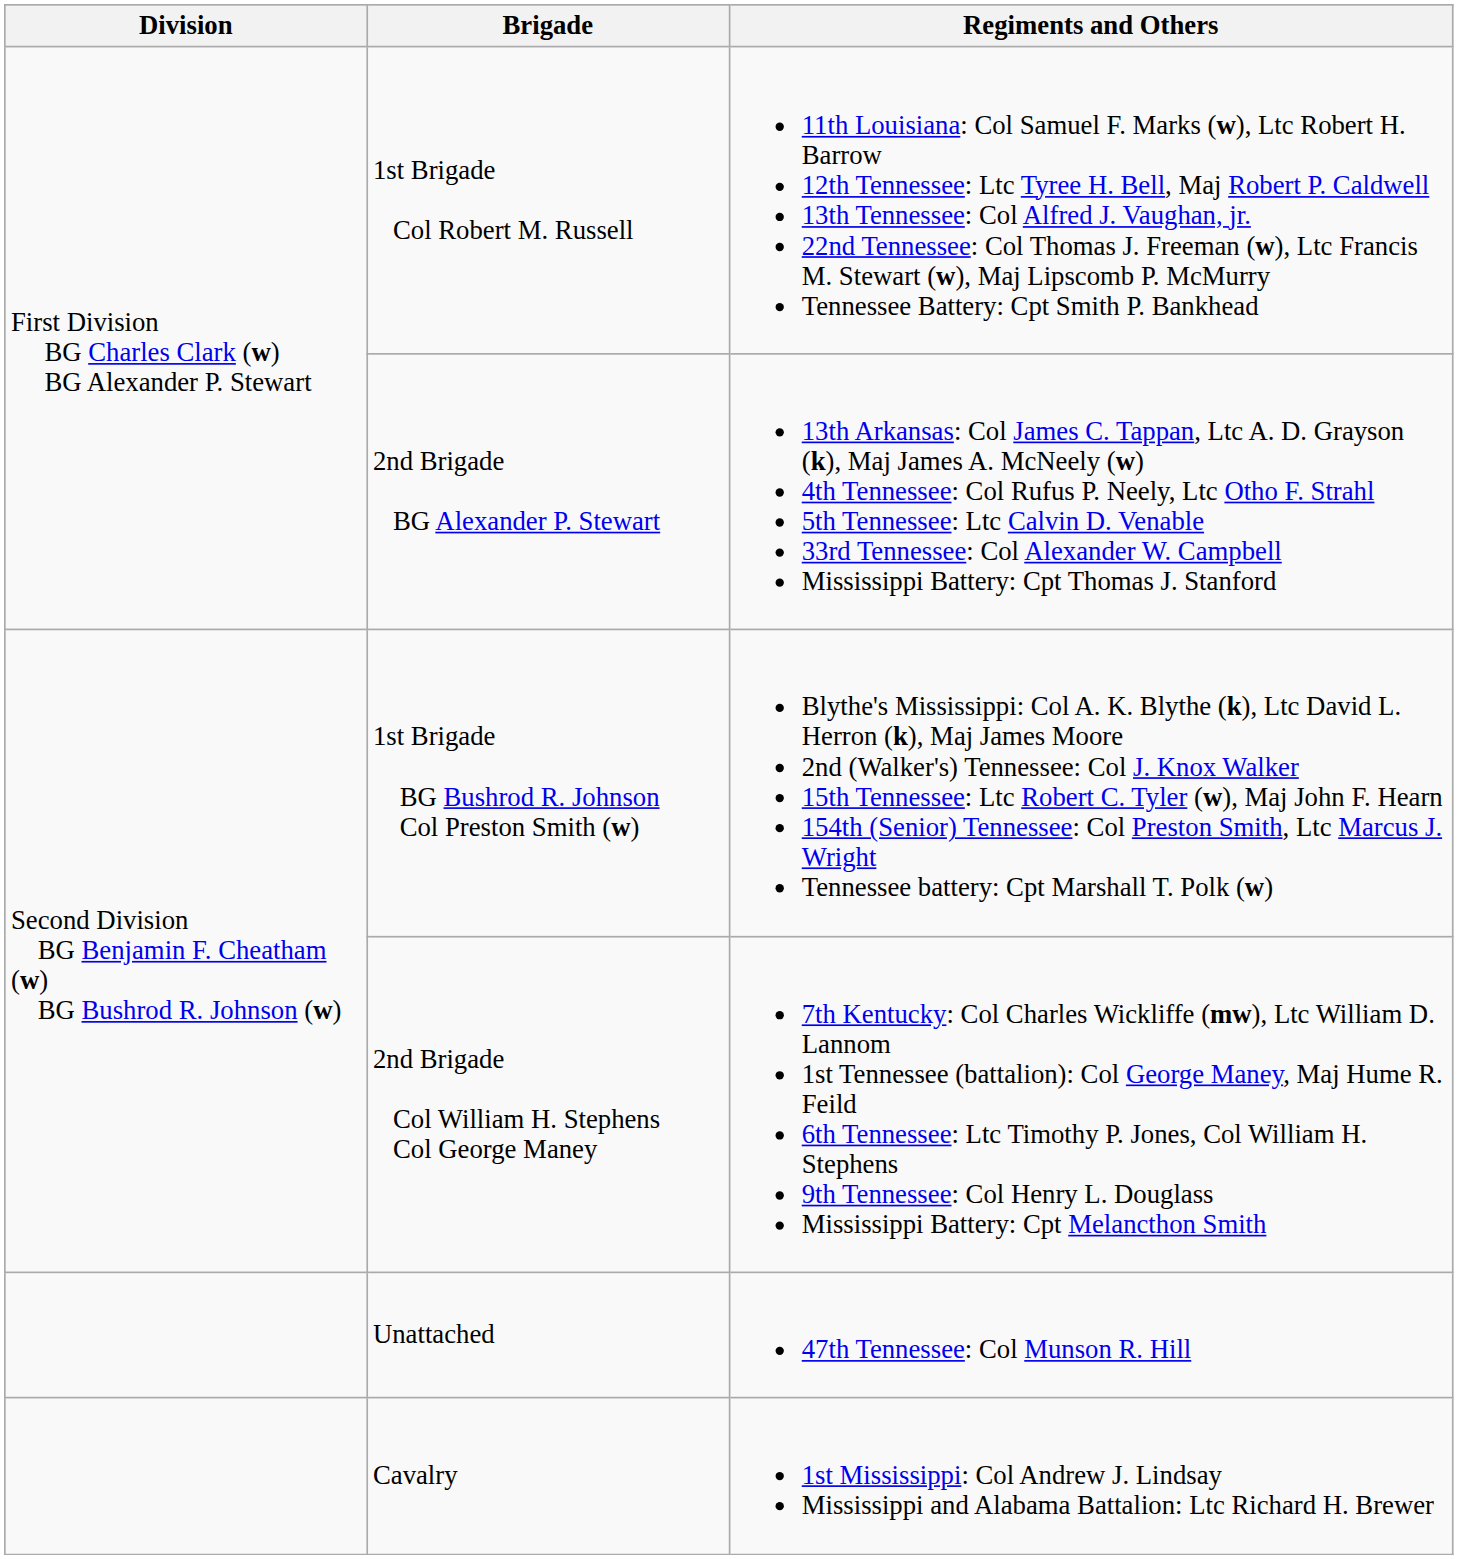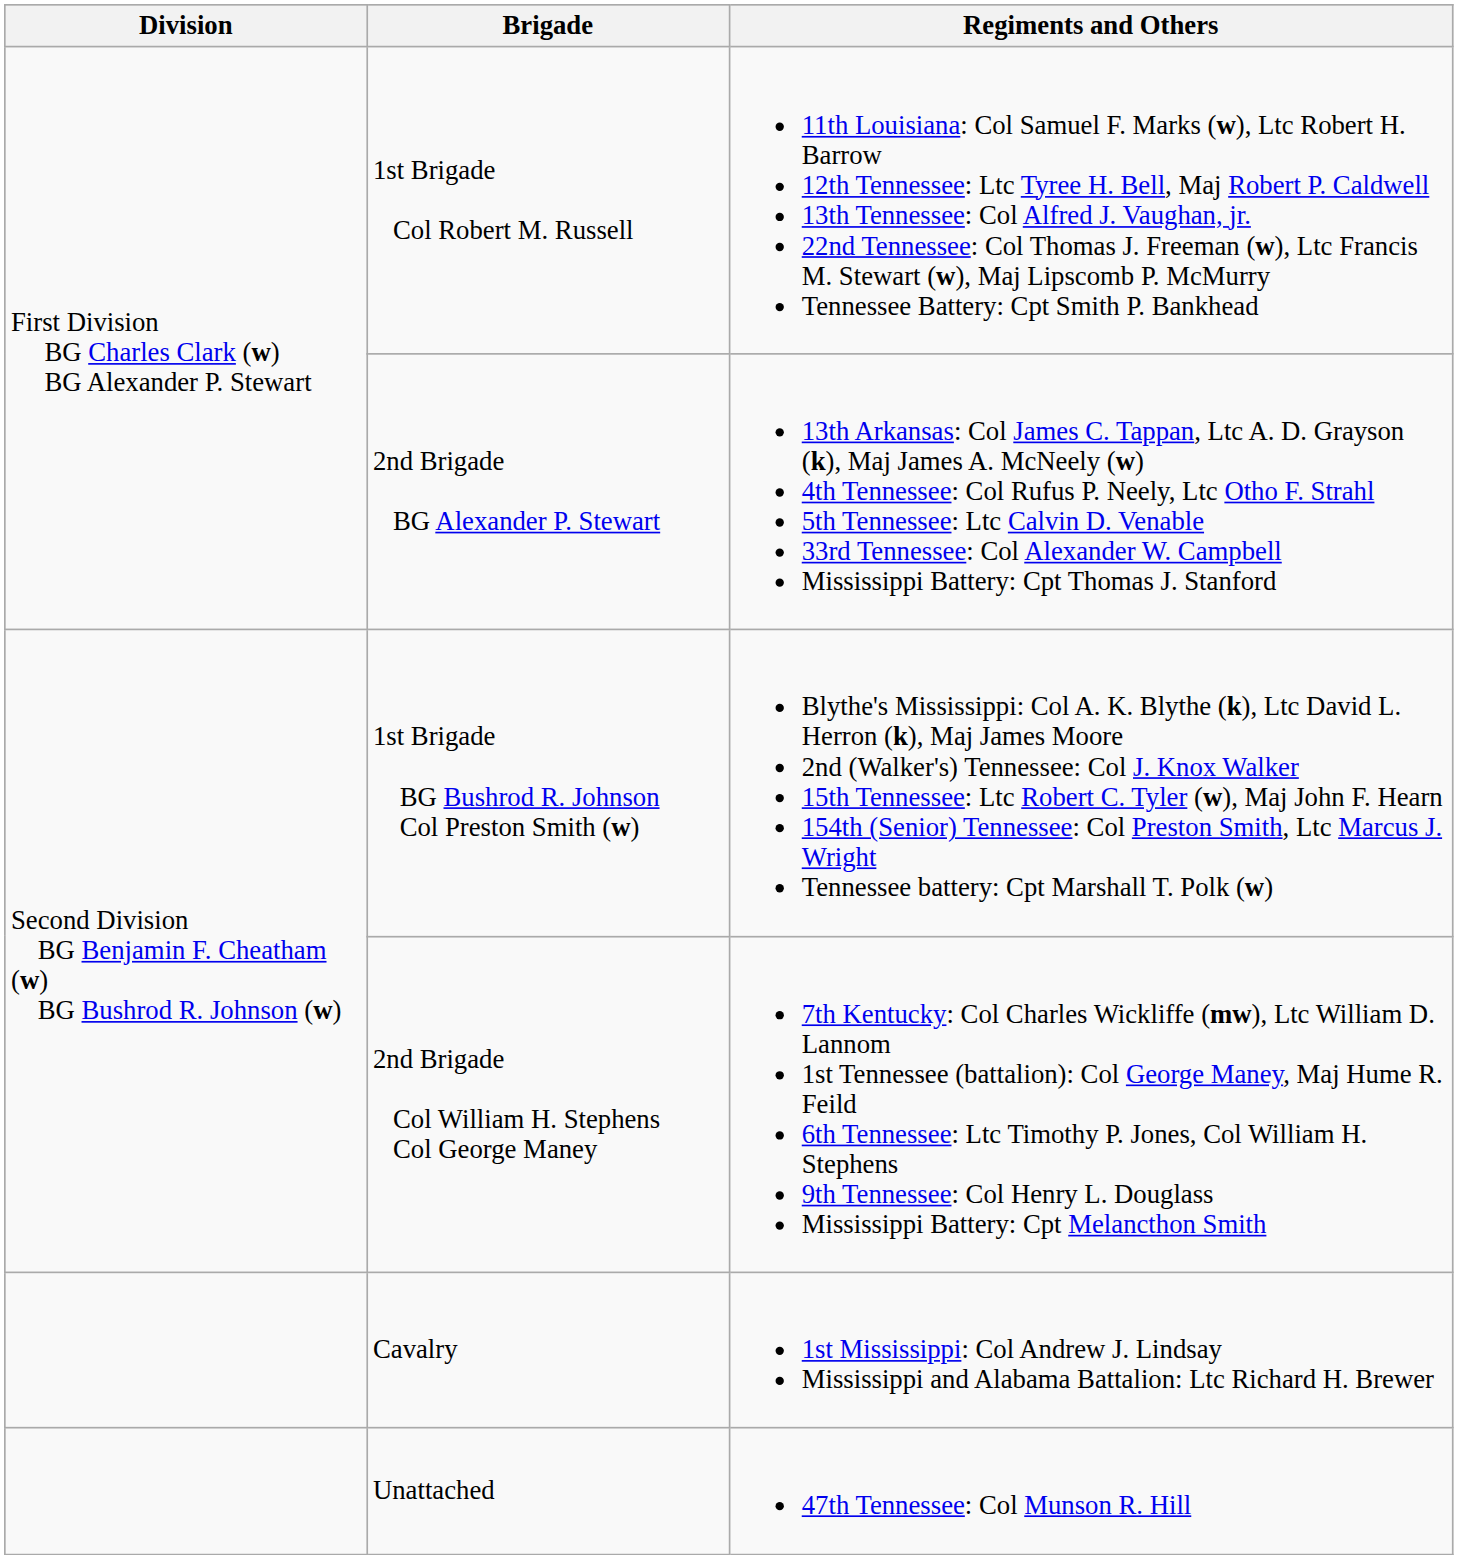 <table class="wikitable">
 <tr>
 <th width=25%>Division</th>
 <th width=25%>Brigade</th>
 <th>Regiments and Others</th>
 </tr>
 <tr>
 <td rowspan=2><br>First Division <br>     BG <a href='#'>Charles Clark</a> (<strong>w</strong>) <br>     BG Alexander P. Stewart</td>
 <td>1st Brigade<br><br>   Col Robert M. Russell</td>
 <td><br><ul><li><a href='#'>11th Louisiana</a>: Col Samuel F. Marks (<strong>w</strong>), Ltc Robert H. Barrow</li><li><a href='#'>12th Tennessee</a>: Ltc <a href='#'>Tyree H. Bell</a>, Maj <a href='#'>Robert P. Caldwell</a></li><li><a href='#'>13th Tennessee</a>: Col <a href='#'>Alfred J. Vaughan, jr.</a></li><li><a href='#'>22nd Tennessee</a>: Col Thomas J. Freeman (<strong>w</strong>), Ltc Francis M. Stewart (<strong>w</strong>), Maj Lipscomb P. McMurry</li><li>Tennessee Battery: Cpt Smith P. Bankhead</li></ul></td>
 </tr>
 <tr>
 <td>2nd Brigade<br><br>   BG <a href='#'>Alexander P. Stewart</a></td>
 <td><br><ul><li><a href='#'>13th Arkansas</a>: Col <a href='#'>James C. Tappan</a>, Ltc A. D. Grayson (<strong>k</strong>), Maj James A. McNeely (<strong>w</strong>)</li><li><a href='#'>4th Tennessee</a>: Col Rufus P. Neely, Ltc <a href='#'>Otho F. Strahl</a></li><li><a href='#'>5th Tennessee</a>: Ltc <a href='#'>Calvin D. Venable</a></li><li><a href='#'>33rd Tennessee</a>: Col <a href='#'>Alexander W. Campbell</a></li><li>Mississippi Battery: Cpt Thomas J. Stanford</li></ul></td>
 </tr>
 <tr>
 <td rowspan=2><br>Second Division <br>    BG <a href='#'>Benjamin F. Cheatham</a> (<strong>w</strong>) <br>    BG <a href='#'>Bushrod R. Johnson</a> (<strong>w</strong>)</td>
 <td>1st Brigade<br><br>    BG <a href='#'>Bushrod R. Johnson</a> <br>    Col Preston Smith (<strong>w</strong>)</td>
 <td><br><ul><li>Blythe's Mississippi: Col A. K. Blythe (<strong>k</strong>), Ltc David L. Herron (<strong>k</strong>), Maj James Moore</li><li>2nd (Walker's) Tennessee: Col <a href='#'>J. Knox Walker</a></li><li><a href='#'>15th Tennessee</a>: Ltc <a href='#'>Robert C. Tyler</a> (<strong>w</strong>), Maj John F. Hearn</li><li><a href='#'>154th (Senior) Tennessee</a>: Col <a href='#'>Preston Smith</a>, Ltc <a href='#'>Marcus J. Wright</a></li><li>Tennessee battery: Cpt Marshall T. Polk (<strong>w</strong>)</li></ul></td>
 </tr>
 <tr>
 <td>2nd Brigade<br><br>   Col William H. Stephens <br>   Col George Maney</td>
 <td><br><ul><li><a href='#'>7th Kentucky</a>: Col Charles Wickliffe (<strong>mw</strong>), Ltc William D. Lannom</li><li>1st Tennessee (battalion): Col <a href='#'>George Maney</a>, Maj Hume R. Feild</li><li><a href='#'>6th Tennessee</a>: Ltc Timothy P. Jones, Col William H. Stephens</li><li><a href='#'>9th Tennessee</a>: Col Henry L. Douglass</li><li>Mississippi Battery: Cpt <a href='#'>Melancthon Smith</a></li></ul></td>
 </tr>
 <tr>
 <td></td>
+<td>Cavalry</td>
+<td><br><ul><li><a href='#'>1st Mississippi</a>: Col Andrew J. Lindsay</li><li>Mississippi and Alabama Battalion: Ltc Richard H. Brewer</li></ul></td>
+</tr>
+<tr>
+<td></td>
 <td>Unattached</td>
 <td><br><ul><li><a href='#'>47th Tennessee</a>: Col <a href='#'>Munson R. Hill</a></li></ul></td>
 </tr>
-<tr>
-<td></td>
-<td>Cavalry</td>
-<td><br><ul><li><a href='#'>1st Mississippi</a>: Col Andrew J. Lindsay</li><li>Mississippi and Alabama Battalion: Ltc Richard H. Brewer</li></ul></td>
-</tr>
 </table>
